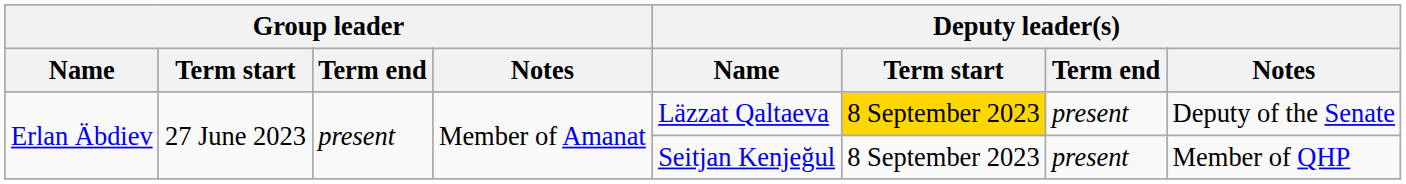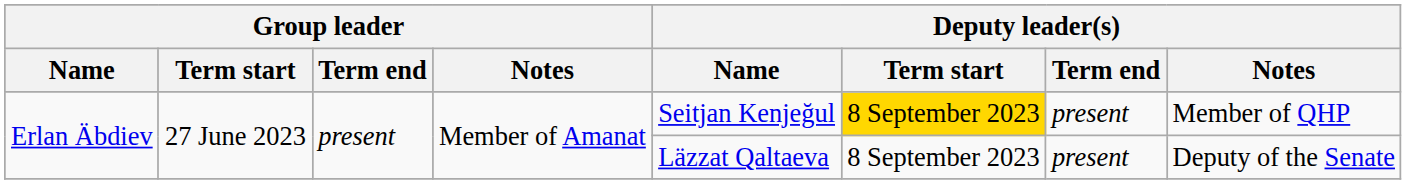 <table class="wikitable" style="font-size:95%;">
 <tr>
 <th colspan="4">Group leader</th>
 <th colspan="4">Deputy leader(s)</th>
 </tr>
 <tr>
 <th>Name</th>
 <th>Term start</th>
 <th>Term end</th>
 <th>Notes</th>
 <th>Name</th>
 <th>Term start</th>
 <th>Term end</th>
 <th>Notes</th>
 </tr>
 <tr>
 <td rowspan="2"><a href='#'>Erlan Äbdiev</a></td>
 <td rowspan="2">27 June 2023</td>
 <td rowspan="2"><em>present</em></td>
 <td rowspan="2">Member of <a href='#'>Amanat</a></td>
+<td><a href='#'>Seitjan Kenjeğul</a></td>
+<td style="background: gold;">8 September 2023</td>
+<td><em>present</em></td>
+<td>Member of <a href='#'>QHP</a></td>
+</tr>
+<tr>
 <td><a href='#'>Läzzat Qaltaeva</a></td>
-<td style="background: gold;">8 September 2023</td>
+<td>8 September 2023</td>
 <td><em>present</em></td>
 <td>Deputy of the <a href='#'>Senate</a></td>
 </tr>
-<tr>
-<td><a href='#'>Seitjan Kenjeğul</a></td>
-<td>8 September 2023</td>
-<td><em>present</em></td>
-<td>Member of <a href='#'>QHP</a></td>
-</tr>
 </table>
